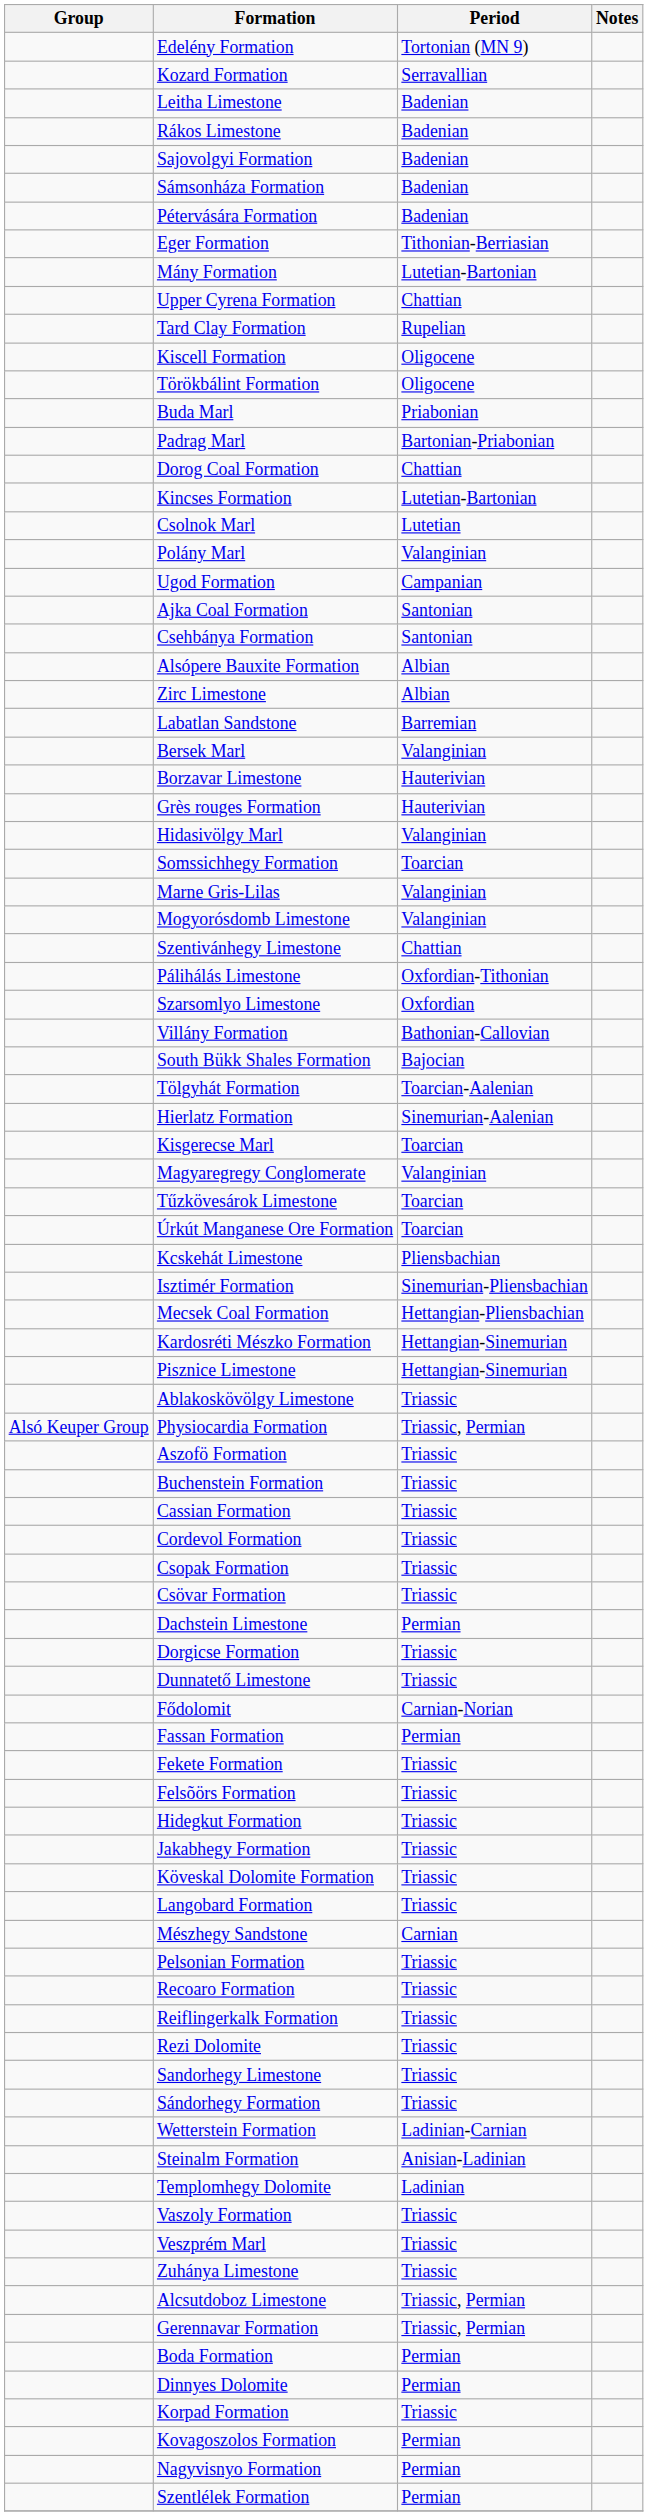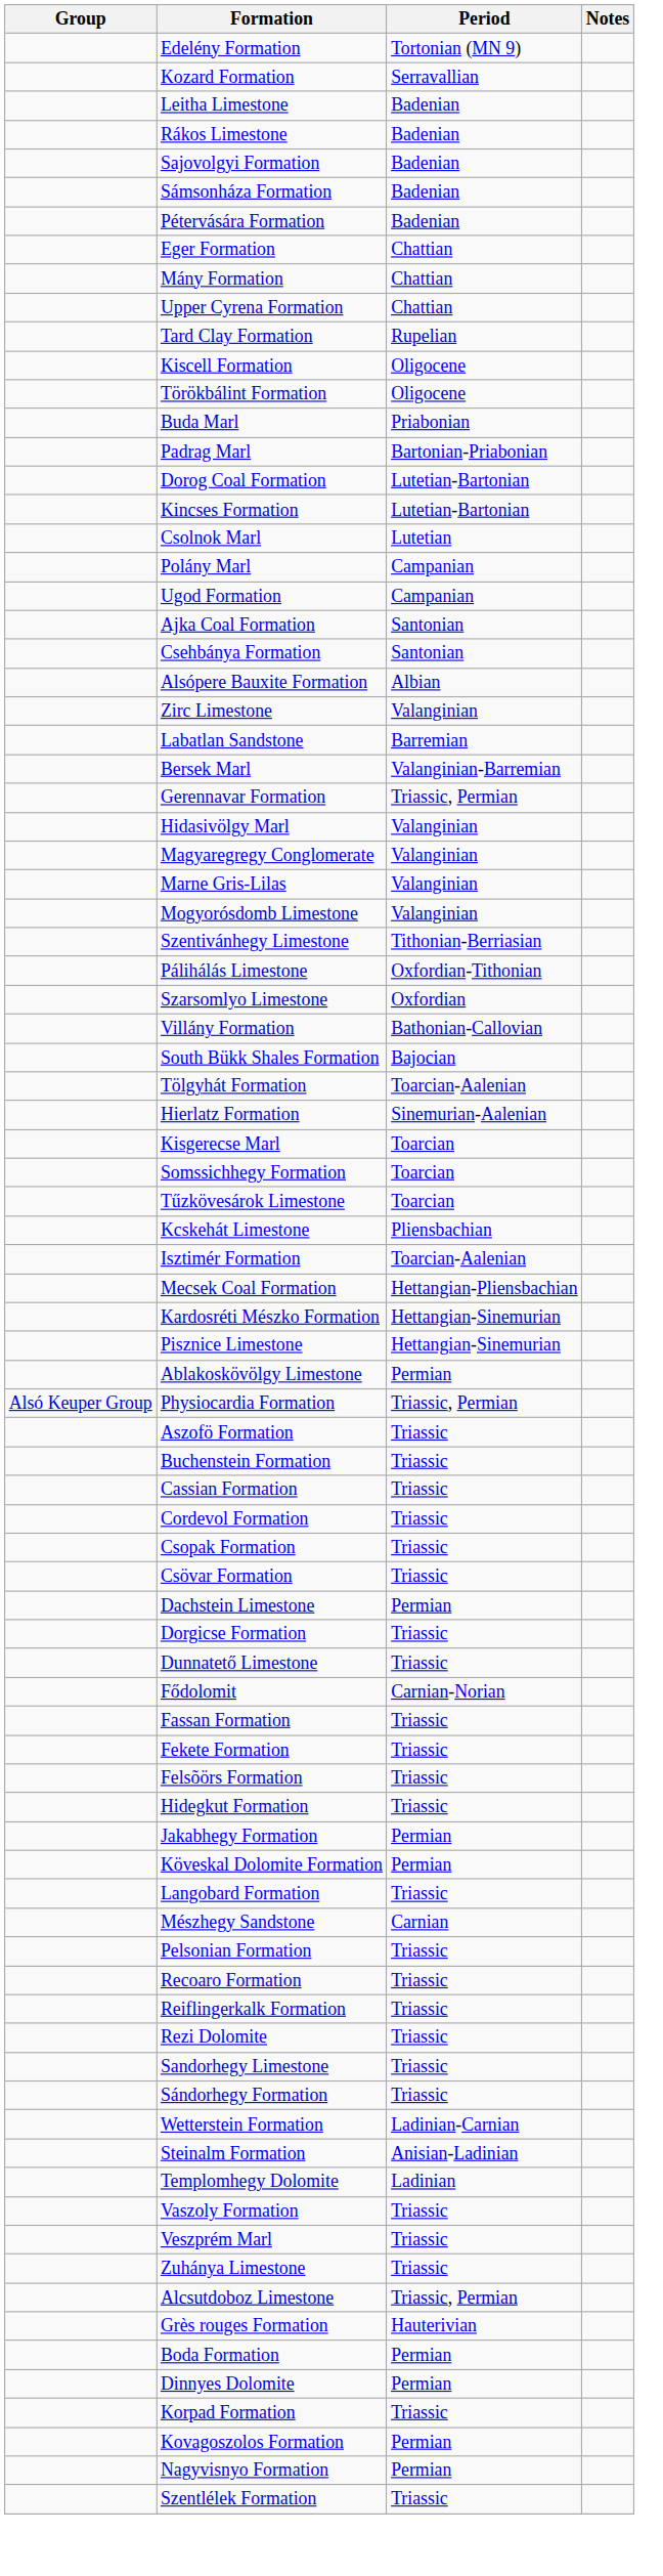 <table class="wikitable sortable">
 <tr>
 <th>Group</th>
 <th>Formation</th>
 <th>Period</th>
 <th>Notes</th>
 </tr>
 <tr>
 <td></td>
 <td><a href='#'>Edelény Formation</a></td>
 <td style="background-color: "><a href='#'>Tortonian</a> (<a href='#'>MN 9</a>)</td>
 <td></td>
 </tr>
 <tr>
 <td></td>
 <td><a href='#'>Kozard Formation</a></td>
 <td style="background-color: "><a href='#'>Serravallian</a></td>
 <td></td>
 </tr>
 <tr>
 <td></td>
 <td><a href='#'>Leitha Limestone</a></td>
 <td style="background-color: "><a href='#'>Badenian</a></td>
 <td></td>
 </tr>
 <tr>
 <td></td>
 <td><a href='#'>Rákos Limestone</a></td>
 <td style="background-color: "><a href='#'>Badenian</a></td>
 <td></td>
 </tr>
 <tr>
 <td></td>
 <td><a href='#'>Sajovolgyi Formation</a></td>
 <td style="background-color: "><a href='#'>Badenian</a></td>
 <td></td>
 </tr>
 <tr>
 <td></td>
 <td><a href='#'>Sámsonháza Formation</a></td>
 <td style="background-color: "><a href='#'>Badenian</a></td>
 <td></td>
 </tr>
 <tr>
 <td></td>
 <td><a href='#'>Pétervására Formation</a></td>
 <td style="background-color: "><a href='#'>Badenian</a></td>
 <td></td>
 </tr>
 <tr>
 <td></td>
 <td><a href='#'>Eger Formation</a></td>
-<td style="background-color: "><a href='#'>Tithonian</a>-<a href='#'>Berriasian</a></td>
+<td style="background-color: "><a href='#'>Chattian</a></td>
 <td></td>
 </tr>
 <tr>
 <td></td>
 <td><a href='#'>Mány Formation</a></td>
-<td style="background-color: "><a href='#'>Lutetian</a>-<a href='#'>Bartonian</a></td>
+<td style="background-color: "><a href='#'>Chattian</a></td>
 <td></td>
 </tr>
 <tr>
 <td></td>
 <td><a href='#'>Upper Cyrena Formation</a></td>
 <td style="background-color: "><a href='#'>Chattian</a></td>
 <td></td>
 </tr>
 <tr>
 <td></td>
 <td><a href='#'>Tard Clay Formation</a></td>
 <td style="background-color: "><a href='#'>Rupelian</a></td>
 <td></td>
 </tr>
 <tr>
 <td></td>
 <td><a href='#'>Kiscell Formation</a></td>
 <td style="background-color: "><a href='#'>Oligocene</a></td>
 <td></td>
 </tr>
 <tr>
 <td></td>
 <td><a href='#'>Törökbálint Formation</a></td>
 <td style="background-color: "><a href='#'>Oligocene</a></td>
 <td></td>
 </tr>
 <tr>
 <td></td>
 <td><a href='#'>Buda Marl</a></td>
 <td style="background-color: "><a href='#'>Priabonian</a></td>
 <td></td>
 </tr>
 <tr>
 <td></td>
 <td><a href='#'>Padrag Marl</a></td>
 <td style="background-color: "><a href='#'>Bartonian</a>-<a href='#'>Priabonian</a></td>
 <td></td>
 </tr>
 <tr>
 <td></td>
 <td><a href='#'>Dorog Coal Formation</a></td>
-<td style="background-color: "><a href='#'>Chattian</a></td>
+<td style="background-color: "><a href='#'>Lutetian</a>-<a href='#'>Bartonian</a></td>
 <td></td>
 </tr>
 <tr>
 <td></td>
 <td><a href='#'>Kincses Formation</a></td>
 <td style="background-color: "><a href='#'>Lutetian</a>-<a href='#'>Bartonian</a></td>
 <td></td>
 </tr>
 <tr>
 <td></td>
 <td><a href='#'>Csolnok Marl</a></td>
 <td style="background-color: "><a href='#'>Lutetian</a></td>
 <td></td>
 </tr>
 <tr>
 <td></td>
 <td><a href='#'>Polány Marl</a></td>
-<td style="background-color: "><a href='#'>Valanginian</a></td>
+<td style="background-color: "><a href='#'>Campanian</a></td>
 <td></td>
 </tr>
 <tr>
 <td></td>
 <td><a href='#'>Ugod Formation</a></td>
 <td style="background-color: "><a href='#'>Campanian</a></td>
 <td></td>
 </tr>
 <tr>
 <td></td>
 <td><a href='#'>Ajka Coal Formation</a></td>
 <td style="background-color: "><a href='#'>Santonian</a></td>
 <td></td>
 </tr>
 <tr>
 <td></td>
 <td><a href='#'>Csehbánya Formation</a></td>
 <td style="background-color: "><a href='#'>Santonian</a></td>
 <td></td>
 </tr>
 <tr>
 <td></td>
 <td><a href='#'>Alsópere Bauxite Formation</a></td>
 <td style="background-color: "><a href='#'>Albian</a></td>
 <td></td>
 </tr>
 <tr>
 <td></td>
 <td><a href='#'>Zirc Limestone</a></td>
-<td style="background-color: "><a href='#'>Albian</a></td>
+<td style="background-color: "><a href='#'>Valanginian</a></td>
 <td></td>
 </tr>
 <tr>
 <td></td>
 <td><a href='#'>Labatlan Sandstone</a></td>
 <td style="background-color: "><a href='#'>Barremian</a></td>
 <td></td>
 </tr>
 <tr>
 <td></td>
 <td><a href='#'>Bersek Marl</a></td>
-<td style="background-color: "><a href='#'>Valanginian</a></td>
+<td style="background-color: "><a href='#'>Valanginian</a>-<a href='#'>Barremian</a></td>
 <td></td>
 </tr>
 <tr>
 <td></td>
-<td><a href='#'>Borzavar Limestone</a></td>
-<td style="background-color: "><a href='#'>Hauterivian</a></td>
-<td></td>
-</tr>
-<tr>
-<td></td>
-<td><a href='#'>Grès rouges Formation</a></td>
-<td style="background-color: "><a href='#'>Hauterivian</a></td>
+<td><a href='#'>Gerennavar Formation</a></td>
+<td><a href='#'>Triassic</a>, <a href='#'>Permian</a></td>
 <td></td>
 </tr>
 <tr>
 <td></td>
 <td><a href='#'>Hidasivölgy Marl</a></td>
 <td style="background-color: "><a href='#'>Valanginian</a></td>
 <td></td>
 </tr>
 <tr>
 <td></td>
-<td><a href='#'>Somssichhegy Formation</a></td>
-<td style="background-color: "><a href='#'>Toarcian</a></td>
+<td><a href='#'>Magyaregregy Conglomerate</a></td>
+<td style="background-color: "><a href='#'>Valanginian</a></td>
 <td></td>
 </tr>
 <tr>
 <td></td>
 <td><a href='#'>Marne Gris-Lilas</a></td>
 <td style="background-color: "><a href='#'>Valanginian</a></td>
 <td></td>
 </tr>
 <tr>
 <td></td>
 <td><a href='#'>Mogyorósdomb Limestone</a></td>
 <td style="background-color: "><a href='#'>Valanginian</a></td>
 <td></td>
 </tr>
 <tr>
 <td></td>
 <td><a href='#'>Szentivánhegy Limestone</a></td>
-<td style="background-color: "><a href='#'>Chattian</a></td>
+<td style="background-color: "><a href='#'>Tithonian</a>-<a href='#'>Berriasian</a></td>
 <td></td>
 </tr>
 <tr>
 <td></td>
 <td><a href='#'>Pálihálás Limestone</a></td>
 <td style="background-color: "><a href='#'>Oxfordian</a>-<a href='#'>Tithonian</a></td>
 <td></td>
 </tr>
 <tr>
 <td></td>
 <td><a href='#'>Szarsomlyo Limestone</a></td>
 <td style="background-color: "><a href='#'>Oxfordian</a></td>
 <td></td>
 </tr>
 <tr>
 <td></td>
 <td><a href='#'>Villány Formation</a></td>
 <td style="background-color: "><a href='#'>Bathonian</a>-<a href='#'>Callovian</a></td>
 <td></td>
 </tr>
 <tr>
 <td></td>
 <td><a href='#'>South Bükk Shales Formation</a></td>
 <td style="background-color: "><a href='#'>Bajocian</a></td>
 <td></td>
 </tr>
 <tr>
 <td></td>
 <td><a href='#'>Tölgyhát Formation</a></td>
 <td style="background-color: "><a href='#'>Toarcian</a>-<a href='#'>Aalenian</a></td>
 <td></td>
 </tr>
 <tr>
 <td></td>
 <td><a href='#'>Hierlatz Formation</a></td>
 <td style="background-color: "><a href='#'>Sinemurian</a>-<a href='#'>Aalenian</a></td>
 <td></td>
 </tr>
 <tr>
 <td></td>
 <td><a href='#'>Kisgerecse Marl</a></td>
 <td style="background-color: "><a href='#'>Toarcian</a></td>
 <td></td>
 </tr>
 <tr>
 <td></td>
-<td><a href='#'>Magyaregregy Conglomerate</a></td>
-<td style="background-color: "><a href='#'>Valanginian</a></td>
+<td><a href='#'>Somssichhegy Formation</a></td>
+<td style="background-color: "><a href='#'>Toarcian</a></td>
 <td></td>
 </tr>
 <tr>
 <td></td>
 <td><a href='#'>Tűzkövesárok Limestone</a></td>
-<td style="background-color: "><a href='#'>Toarcian</a></td>
-<td></td>
-</tr>
-<tr>
-<td></td>
-<td><a href='#'>Úrkút Manganese Ore Formation</a></td>
 <td style="background-color: "><a href='#'>Toarcian</a></td>
 <td></td>
 </tr>
 <tr>
 <td></td>
 <td><a href='#'>Kcskehát Limestone</a></td>
 <td style="background-color: "><a href='#'>Pliensbachian</a></td>
 <td></td>
 </tr>
 <tr>
 <td></td>
 <td><a href='#'>Isztimér Formation</a></td>
-<td style="background-color: "><a href='#'>Sinemurian</a>-<a href='#'>Pliensbachian</a></td>
+<td style="background-color: "><a href='#'>Toarcian</a>-<a href='#'>Aalenian</a></td>
 <td></td>
 </tr>
 <tr>
 <td></td>
 <td><a href='#'>Mecsek Coal Formation</a></td>
 <td style="background-color: "><a href='#'>Hettangian</a>-<a href='#'>Pliensbachian</a></td>
 <td></td>
 </tr>
 <tr>
 <td></td>
 <td><a href='#'>Kardosréti Mészko Formation</a></td>
 <td style="background-color: "><a href='#'>Hettangian</a>-<a href='#'>Sinemurian</a></td>
 <td></td>
 </tr>
 <tr>
 <td></td>
 <td><a href='#'>Pisznice Limestone</a></td>
 <td style="background-color: "><a href='#'>Hettangian</a>-<a href='#'>Sinemurian</a></td>
 <td></td>
 </tr>
 <tr>
 <td></td>
 <td><a href='#'>Ablakoskövölgy Limestone</a></td>
-<td><a href='#'>Triassic</a></td>
+<td><a href='#'>Permian</a></td>
 <td></td>
 </tr>
 <tr>
 <td><a href='#'>Alsó Keuper Group</a></td>
 <td><a href='#'>Physiocardia Formation</a></td>
 <td><a href='#'>Triassic</a>, <a href='#'>Permian</a></td>
 <td></td>
 </tr>
 <tr>
 <td></td>
 <td><a href='#'>Aszofö Formation</a></td>
 <td><a href='#'>Triassic</a></td>
 <td></td>
 </tr>
 <tr>
 <td></td>
 <td><a href='#'>Buchenstein Formation</a></td>
 <td><a href='#'>Triassic</a></td>
 <td></td>
 </tr>
 <tr>
 <td></td>
 <td><a href='#'>Cassian Formation</a></td>
 <td><a href='#'>Triassic</a></td>
 <td></td>
 </tr>
 <tr>
 <td></td>
 <td><a href='#'>Cordevol Formation</a></td>
 <td><a href='#'>Triassic</a></td>
 <td></td>
 </tr>
 <tr>
 <td></td>
 <td><a href='#'>Csopak Formation</a></td>
 <td><a href='#'>Triassic</a></td>
 <td></td>
 </tr>
 <tr>
 <td></td>
 <td><a href='#'>Csövar Formation</a></td>
 <td><a href='#'>Triassic</a></td>
 <td></td>
 </tr>
 <tr>
 <td></td>
 <td><a href='#'>Dachstein Limestone</a></td>
 <td><a href='#'>Permian</a></td>
 <td></td>
 </tr>
 <tr>
 <td></td>
 <td><a href='#'>Dorgicse Formation</a></td>
 <td><a href='#'>Triassic</a></td>
 <td></td>
 </tr>
 <tr>
 <td></td>
 <td><a href='#'>Dunnatető Limestone</a></td>
 <td><a href='#'>Triassic</a></td>
 <td></td>
 </tr>
 <tr>
 <td></td>
 <td><a href='#'>Fődolomit</a></td>
 <td style="background-color: "><a href='#'>Carnian</a>-<a href='#'>Norian</a></td>
 <td></td>
 </tr>
 <tr>
 <td></td>
 <td><a href='#'>Fassan Formation</a></td>
-<td><a href='#'>Permian</a></td>
+<td><a href='#'>Triassic</a></td>
 <td></td>
 </tr>
 <tr>
 <td></td>
 <td><a href='#'>Fekete Formation</a></td>
 <td><a href='#'>Triassic</a></td>
 <td></td>
 </tr>
 <tr>
 <td></td>
 <td><a href='#'>Felsõörs Formation</a></td>
 <td><a href='#'>Triassic</a></td>
 <td></td>
 </tr>
 <tr>
 <td></td>
 <td><a href='#'>Hidegkut Formation</a></td>
 <td><a href='#'>Triassic</a></td>
 <td></td>
 </tr>
 <tr>
 <td></td>
 <td><a href='#'>Jakabhegy Formation</a></td>
-<td><a href='#'>Triassic</a></td>
+<td><a href='#'>Permian</a></td>
 <td></td>
 </tr>
 <tr>
 <td></td>
 <td><a href='#'>Köveskal Dolomite Formation</a></td>
-<td><a href='#'>Triassic</a></td>
+<td><a href='#'>Permian</a></td>
 <td></td>
 </tr>
 <tr>
 <td></td>
 <td><a href='#'>Langobard Formation</a></td>
 <td><a href='#'>Triassic</a></td>
 <td></td>
 </tr>
 <tr>
 <td></td>
 <td><a href='#'>Mészhegy Sandstone</a></td>
 <td style="background-color: "><a href='#'>Carnian</a></td>
 <td></td>
 </tr>
 <tr>
 <td></td>
 <td><a href='#'>Pelsonian Formation</a></td>
 <td><a href='#'>Triassic</a></td>
 <td></td>
 </tr>
 <tr>
 <td></td>
 <td><a href='#'>Recoaro Formation</a></td>
 <td><a href='#'>Triassic</a></td>
 <td></td>
 </tr>
 <tr>
 <td></td>
 <td><a href='#'>Reiflingerkalk Formation</a></td>
 <td><a href='#'>Triassic</a></td>
 <td></td>
 </tr>
 <tr>
 <td></td>
 <td><a href='#'>Rezi Dolomite</a></td>
 <td><a href='#'>Triassic</a></td>
 <td></td>
 </tr>
 <tr>
 <td></td>
 <td><a href='#'>Sandorhegy Limestone</a></td>
 <td><a href='#'>Triassic</a></td>
 <td></td>
 </tr>
 <tr>
 <td></td>
 <td><a href='#'>Sándorhegy Formation</a></td>
 <td><a href='#'>Triassic</a></td>
 <td></td>
 </tr>
 <tr>
 <td></td>
 <td><a href='#'>Wetterstein Formation</a></td>
 <td style="background-color: "><a href='#'>Ladinian</a>-<a href='#'>Carnian</a></td>
 <td></td>
 </tr>
 <tr>
 <td></td>
 <td><a href='#'>Steinalm Formation</a></td>
 <td style="background-color: "><a href='#'>Anisian</a>-<a href='#'>Ladinian</a></td>
 <td></td>
 </tr>
 <tr>
 <td></td>
 <td><a href='#'>Templomhegy Dolomite</a></td>
 <td style="background-color: "><a href='#'>Ladinian</a></td>
 <td></td>
 </tr>
 <tr>
 <td></td>
 <td><a href='#'>Vaszoly Formation</a></td>
 <td><a href='#'>Triassic</a></td>
 <td></td>
 </tr>
 <tr>
 <td></td>
 <td><a href='#'>Veszprém Marl</a></td>
 <td><a href='#'>Triassic</a></td>
 <td></td>
 </tr>
 <tr>
 <td></td>
 <td><a href='#'>Zuhánya Limestone</a></td>
 <td><a href='#'>Triassic</a></td>
 <td></td>
 </tr>
 <tr>
 <td></td>
 <td><a href='#'>Alcsutdoboz Limestone</a></td>
 <td><a href='#'>Triassic</a>, <a href='#'>Permian</a></td>
 <td></td>
 </tr>
 <tr>
 <td></td>
-<td><a href='#'>Gerennavar Formation</a></td>
-<td><a href='#'>Triassic</a>, <a href='#'>Permian</a></td>
+<td><a href='#'>Grès rouges Formation</a></td>
+<td style="background-color: "><a href='#'>Hauterivian</a></td>
 <td></td>
 </tr>
 <tr>
 <td></td>
 <td><a href='#'>Boda Formation</a></td>
 <td><a href='#'>Permian</a></td>
 <td></td>
 </tr>
 <tr>
 <td></td>
 <td><a href='#'>Dinnyes Dolomite</a></td>
 <td><a href='#'>Permian</a></td>
 <td></td>
 </tr>
 <tr>
 <td></td>
 <td><a href='#'>Korpad Formation</a></td>
 <td><a href='#'>Triassic</a></td>
 <td></td>
 </tr>
 <tr>
 <td></td>
 <td><a href='#'>Kovagoszolos Formation</a></td>
 <td><a href='#'>Permian</a></td>
 <td></td>
 </tr>
 <tr>
 <td></td>
 <td><a href='#'>Nagyvisnyo Formation</a></td>
 <td><a href='#'>Permian</a></td>
 <td></td>
 </tr>
 <tr>
 <td></td>
 <td><a href='#'>Szentlélek Formation</a></td>
-<td><a href='#'>Permian</a></td>
+<td><a href='#'>Triassic</a></td>
 <td></td>
 </tr>
 <tr>
 </tr>
 </table>
